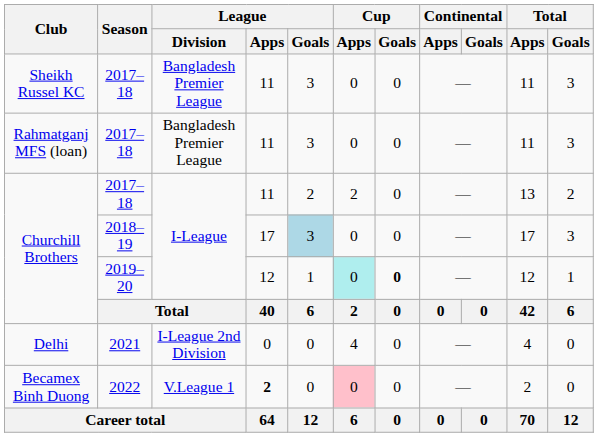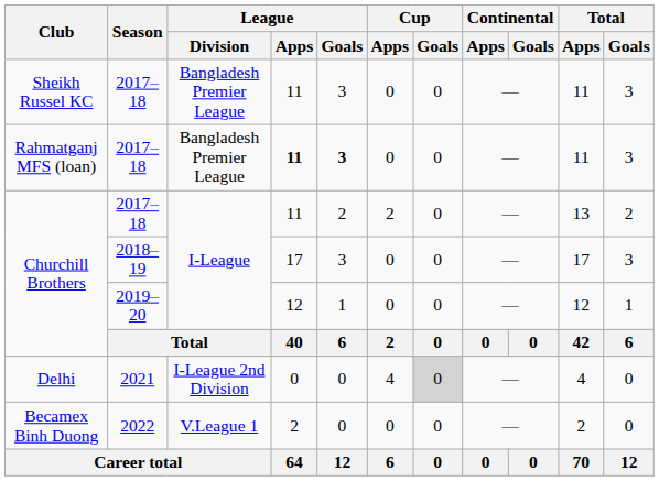 <table class="wikitable" style="text-align:center">
 <tr>
 <th rowspan="2">Club</th>
 <th rowspan="2">Season</th>
 <th colspan="3">League</th>
 <th colspan="2">Cup</th>
 <th colspan="2">Continental</th>
 <th colspan="2">Total</th>
 </tr>
 <tr>
 <th>Division</th>
 <th>Apps</th>
 <th>Goals</th>
 <th>Apps</th>
 <th>Goals</th>
 <th>Apps</th>
 <th>Goals</th>
 <th>Apps</th>
 <th>Goals</th>
 </tr>
 <tr>
 <td><a href='#'>Sheikh Russel KC</a></td>
 <td><a href='#'>2017–18</a></td>
 <td><a href='#'>Bangladesh Premier League</a></td>
 <td>11</td>
 <td>3</td>
 <td>0</td>
 <td>0</td>
 <td colspan="2">—</td>
 <td>11</td>
 <td>3</td>
 </tr>
 <tr>
 <td><a href='#'>Rahmatganj MFS</a> (loan)</td>
 <td><a href='#'>2017–18</a></td>
 <td>Bangladesh Premier League</td>
-<td>11</td>
-<td>3</td>
+<td><strong>11</strong></td>
+<td><strong>3</strong></td>
 <td>0</td>
 <td>0</td>
 <td colspan="2">—</td>
 <td>11</td>
 <td>3</td>
 </tr>
 <tr>
 <td rowspan="4"><a href='#'>Churchill Brothers</a></td>
 <td><a href='#'>2017–18</a></td>
 <td rowspan="3"><a href='#'>I-League</a></td>
 <td>11</td>
 <td>2</td>
 <td>2</td>
 <td>0</td>
 <td colspan="2">—</td>
 <td>13</td>
 <td>2</td>
 </tr>
 <tr>
 <td><a href='#'>2018–19</a></td>
 <td>17</td>
-<td style="background: lightblue;">3</td>
+<td>3</td>
 <td>0</td>
 <td>0</td>
 <td colspan="2">—</td>
 <td>17</td>
 <td>3</td>
 </tr>
 <tr>
 <td><a href='#'>2019–20</a></td>
 <td>12</td>
 <td>1</td>
-<td style="background: paleturquoise;">0</td>
-<td><strong>0</strong></td>
+<td>0</td>
+<td>0</td>
 <td colspan="2">—</td>
 <td>12</td>
 <td>1</td>
 </tr>
 <tr>
 <th colspan="2">Total</th>
 <th>40</th>
 <th>6</th>
 <th>2</th>
 <th>0</th>
 <th>0</th>
 <th>0</th>
 <th>42</th>
 <th>6</th>
 </tr>
 <tr>
 <td><a href='#'>Delhi</a></td>
 <td><a href='#'>2021</a></td>
 <td><a href='#'>I-League 2nd Division</a></td>
 <td>0</td>
 <td>0</td>
 <td>4</td>
-<td>0</td>
+<td style="background: lightgrey;">0</td>
 <td colspan="2">—</td>
 <td>4</td>
 <td>0</td>
 </tr>
 <tr>
 <td><a href='#'>Becamex Binh Duong</a></td>
 <td><a href='#'>2022</a></td>
 <td><a href='#'>V.League 1</a></td>
-<td><strong>2</strong></td>
+<td>2</td>
 <td>0</td>
-<td style="background: pink;">0</td>
+<td>0</td>
 <td>0</td>
 <td colspan="2">—</td>
 <td>2</td>
 <td>0</td>
 </tr>
 <tr>
 <th colspan="3">Career total</th>
 <th>64</th>
 <th>12</th>
 <th>6</th>
 <th>0</th>
 <th>0</th>
 <th>0</th>
 <th>70</th>
 <th>12</th>
 </tr>
 </table>
